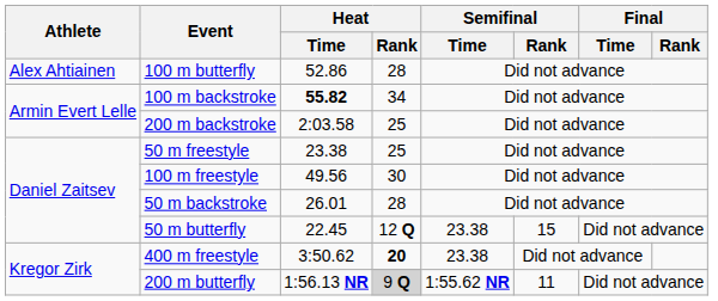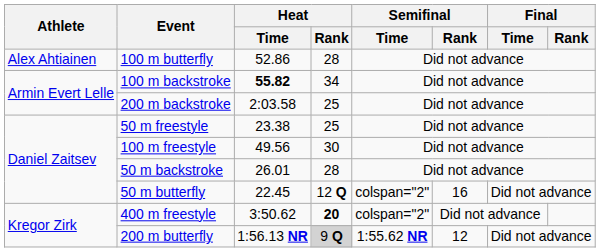 <table class="wikitable" style="font-size:90%;">
 <tr>
 <th rowspan="2">Athlete</th>
 <th rowspan="2">Event</th>
 <th colspan="2">Heat</th>
 <th colspan="2">Semifinal</th>
 <th colspan="2">Final</th>
 </tr>
 <tr>
 <th>Time</th>
 <th>Rank</th>
 <th>Time</th>
 <th>Rank</th>
 <th>Time</th>
 <th>Rank</th>
 </tr>
 <tr align="center">
 <td align="left"><a href='#'>Alex Ahtiainen</a></td>
 <td align="left"><a href='#'>100 m butterfly</a></td>
 <td>52.86</td>
 <td>28</td>
 <td colspan=4>Did not advance</td>
 </tr>
 <tr align="center">
 <td rowspan="2" align="left"><a href='#'>Armin Evert Lelle</a></td>
 <td align="left"><a href='#'>100 m backstroke</a></td>
 <td><strong>55.82</strong></td>
 <td>34</td>
 <td colspan=4>Did not advance</td>
 </tr>
 <tr align="center">
 <td align="left"><a href='#'>200 m backstroke</a></td>
 <td>2:03.58</td>
 <td>25</td>
 <td colspan=4>Did not advance</td>
 </tr>
 <tr align="center">
 <td rowspan="4" align="left"><a href='#'>Daniel Zaitsev</a></td>
 <td align="left"><a href='#'>50 m freestyle</a></td>
 <td>23.38</td>
 <td>25</td>
 <td colspan=4>Did not advance</td>
 </tr>
 <tr align="center">
 <td align="left"><a href='#'>100 m freestyle</a></td>
 <td>49.56</td>
 <td>30</td>
 <td colspan=4>Did not advance</td>
 </tr>
 <tr align="center">
 <td align="left"><a href='#'>50 m backstroke</a></td>
 <td>26.01</td>
 <td>28</td>
 <td colspan=4>Did not advance</td>
 </tr>
 <tr align="center">
 <td align="left"><a href='#'>50 m butterfly</a></td>
 <td>22.45</td>
 <td>12 <strong>Q</strong></td>
-<td>23.38</td>
-<td>15</td>
+<td>colspan="2" </td>
+<td>16</td>
 <td colspan=2>Did not advance</td>
 </tr>
 <tr align="center">
 <td rowspan="2" align="left"><a href='#'>Kregor Zirk</a></td>
 <td align="left"><a href='#'>400 m freestyle</a></td>
 <td>3:50.62</td>
 <td><strong>20</strong></td>
-<td>23.38</td>
+<td>colspan="2" </td>
 <td colspan=2>Did not advance</td>
 </tr>
 <tr align="center">
 <td align="left"><a href='#'>200 m butterfly</a></td>
 <td>1:56.13 <strong><a href='#'>NR</a></strong></td>
 <td style="background: lightgrey;">9 <strong>Q</strong></td>
 <td>1:55.62 <strong><a href='#'>NR</a></strong></td>
-<td>11</td>
+<td>12</td>
 <td colspan=2>Did not advance</td>
 </tr>
 </table>
